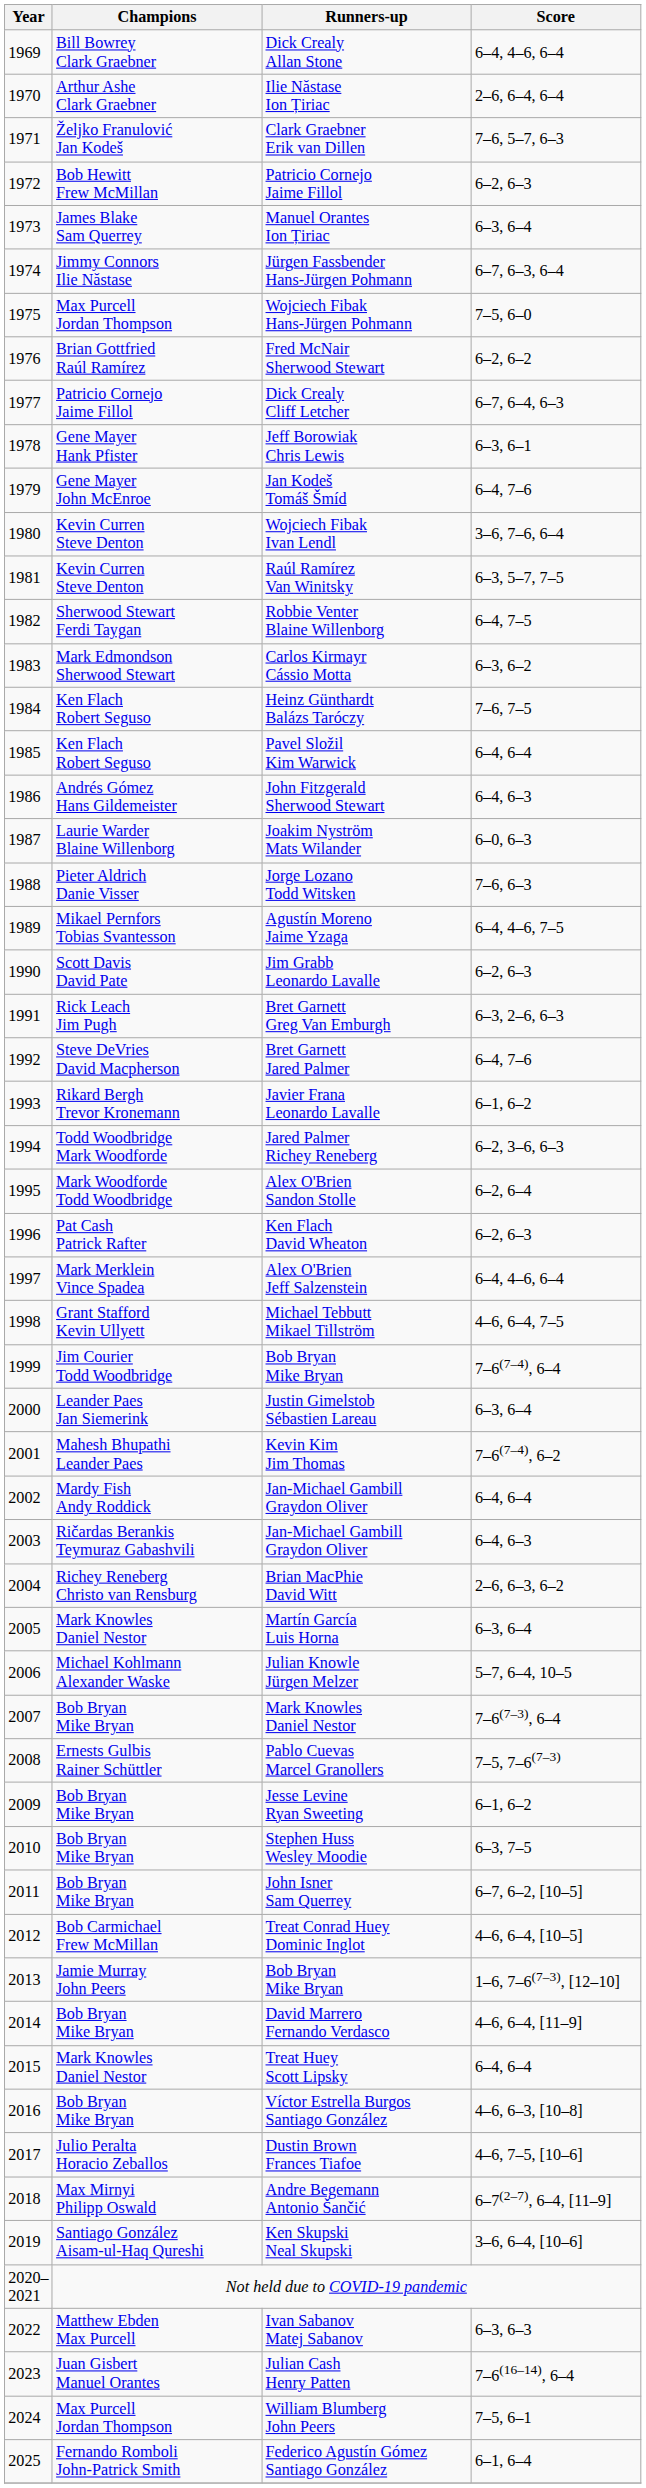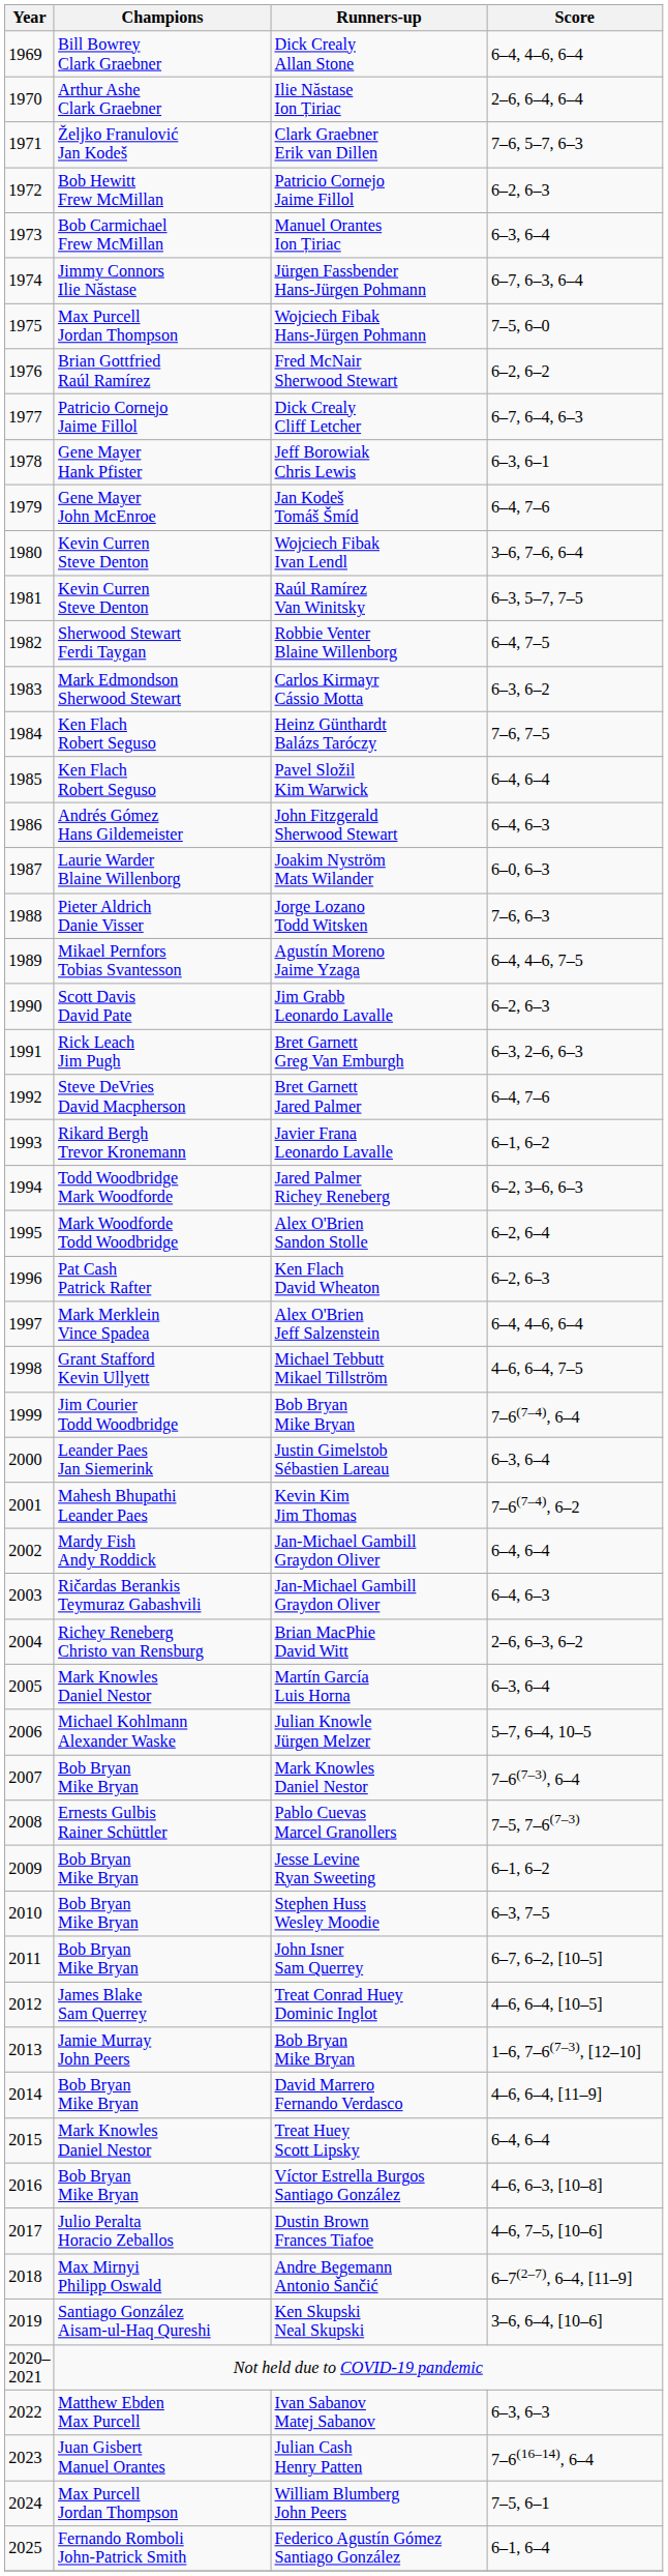 <table class="wikitable">
 <tr>
 <th style="width:40px">Year</th>
 <th style="width:200px">Champions</th>
 <th style="width:200px">Runners-up</th>
 <th style="width:160px" class="unsortable">Score</th>
 </tr>
 <tr>
 <td>1969</td>
 <td> <a href='#'>Bill Bowrey</a> <br>  <a href='#'>Clark Graebner</a></td>
 <td> <a href='#'>Dick Crealy</a> <br>  <a href='#'>Allan Stone</a></td>
 <td>6–4, 4–6, 6–4</td>
 </tr>
 <tr>
 <td>1970</td>
 <td> <a href='#'>Arthur Ashe</a> <br>  <a href='#'>Clark Graebner</a></td>
 <td> <a href='#'>Ilie Năstase</a> <br>  <a href='#'>Ion Țiriac</a></td>
 <td>2–6, 6–4, 6–4</td>
 </tr>
 <tr>
 <td>1971</td>
 <td> <a href='#'>Željko Franulović</a> <br>  <a href='#'>Jan Kodeš</a></td>
 <td> <a href='#'>Clark Graebner</a> <br>  <a href='#'>Erik van Dillen</a></td>
 <td>7–6, 5–7, 6–3</td>
 </tr>
 <tr>
 <td>1972</td>
 <td> <a href='#'>Bob Hewitt</a> <br>  <a href='#'>Frew McMillan</a></td>
 <td> <a href='#'>Patricio Cornejo</a> <br>  <a href='#'>Jaime Fillol</a></td>
 <td>6–2, 6–3</td>
 </tr>
 <tr>
 <td>1973</td>
-<td> <a href='#'>James Blake</a> <br>  <a href='#'>Sam Querrey</a></td>
+<td> <a href='#'>Bob Carmichael</a> <br>  <a href='#'>Frew McMillan</a></td>
 <td> <a href='#'>Manuel Orantes</a> <br>  <a href='#'>Ion Țiriac</a></td>
 <td>6–3, 6–4</td>
 </tr>
 <tr>
 <td>1974</td>
 <td> <a href='#'>Jimmy Connors</a> <br>  <a href='#'>Ilie Năstase</a></td>
 <td> <a href='#'>Jürgen Fassbender</a> <br>  <a href='#'>Hans-Jürgen Pohmann</a></td>
 <td>6–7, 6–3, 6–4</td>
 </tr>
 <tr>
 <td>1975</td>
 <td> <a href='#'>Max Purcell</a>  <br>  <a href='#'>Jordan Thompson</a></td>
 <td> <a href='#'>Wojciech Fibak</a> <br>  <a href='#'>Hans-Jürgen Pohmann</a></td>
 <td>7–5, 6–0</td>
 </tr>
 <tr>
 <td>1976</td>
 <td> <a href='#'>Brian Gottfried</a> <br>  <a href='#'>Raúl Ramírez</a></td>
 <td> <a href='#'>Fred McNair</a> <br>  <a href='#'>Sherwood Stewart</a></td>
 <td>6–2, 6–2</td>
 </tr>
 <tr>
 <td>1977</td>
 <td> <a href='#'>Patricio Cornejo</a> <br>  <a href='#'>Jaime Fillol</a></td>
 <td> <a href='#'>Dick Crealy</a> <br>  <a href='#'>Cliff Letcher</a></td>
 <td>6–7, 6–4, 6–3</td>
 </tr>
 <tr>
 <td>1978</td>
 <td> <a href='#'>Gene Mayer</a> <br>  <a href='#'>Hank Pfister</a></td>
 <td> <a href='#'>Jeff Borowiak</a> <br>  <a href='#'>Chris Lewis</a></td>
 <td>6–3, 6–1</td>
 </tr>
 <tr>
 <td>1979</td>
 <td> <a href='#'>Gene Mayer</a> <br>  <a href='#'>John McEnroe</a></td>
 <td> <a href='#'>Jan Kodeš</a> <br>  <a href='#'>Tomáš Šmíd</a></td>
 <td>6–4, 7–6</td>
 </tr>
 <tr>
 <td>1980</td>
 <td> <a href='#'>Kevin Curren</a> <br>  <a href='#'>Steve Denton</a></td>
 <td> <a href='#'>Wojciech Fibak</a> <br>  <a href='#'>Ivan Lendl</a></td>
 <td>3–6, 7–6, 6–4</td>
 </tr>
 <tr>
 <td>1981</td>
 <td> <a href='#'>Kevin Curren</a> <br>  <a href='#'>Steve Denton</a></td>
 <td> <a href='#'>Raúl Ramírez</a> <br>  <a href='#'>Van Winitsky</a></td>
 <td>6–3, 5–7, 7–5</td>
 </tr>
 <tr>
 <td>1982</td>
 <td> <a href='#'>Sherwood Stewart</a> <br>  <a href='#'>Ferdi Taygan</a></td>
 <td> <a href='#'>Robbie Venter</a> <br>  <a href='#'>Blaine Willenborg</a></td>
 <td>6–4, 7–5</td>
 </tr>
 <tr>
 <td>1983</td>
 <td> <a href='#'>Mark Edmondson</a> <br>  <a href='#'>Sherwood Stewart</a></td>
 <td> <a href='#'>Carlos Kirmayr</a> <br>  <a href='#'>Cássio Motta</a></td>
 <td>6–3, 6–2</td>
 </tr>
 <tr>
 <td>1984</td>
 <td> <a href='#'>Ken Flach</a> <br>  <a href='#'>Robert Seguso</a></td>
 <td> <a href='#'>Heinz Günthardt</a> <br>  <a href='#'>Balázs Taróczy</a></td>
 <td>7–6, 7–5</td>
 </tr>
 <tr>
 <td>1985</td>
 <td> <a href='#'>Ken Flach</a> <br>  <a href='#'>Robert Seguso</a></td>
 <td> <a href='#'>Pavel Složil</a> <br>  <a href='#'>Kim Warwick</a></td>
 <td>6–4, 6–4</td>
 </tr>
 <tr>
 <td>1986</td>
 <td> <a href='#'>Andrés Gómez</a> <br>  <a href='#'>Hans Gildemeister</a></td>
 <td> <a href='#'>John Fitzgerald</a> <br>  <a href='#'>Sherwood Stewart</a></td>
 <td>6–4, 6–3</td>
 </tr>
 <tr>
 <td>1987</td>
 <td> <a href='#'>Laurie Warder</a> <br>  <a href='#'>Blaine Willenborg</a></td>
 <td> <a href='#'>Joakim Nyström</a> <br>  <a href='#'>Mats Wilander</a></td>
 <td>6–0, 6–3</td>
 </tr>
 <tr>
 <td>1988</td>
 <td> <a href='#'>Pieter Aldrich</a> <br>  <a href='#'>Danie Visser</a></td>
 <td> <a href='#'>Jorge Lozano</a> <br>  <a href='#'>Todd Witsken</a></td>
 <td>7–6, 6–3</td>
 </tr>
 <tr>
 <td>1989</td>
 <td> <a href='#'>Mikael Pernfors</a> <br>  <a href='#'>Tobias Svantesson</a></td>
 <td> <a href='#'>Agustín Moreno</a> <br>  <a href='#'>Jaime Yzaga</a></td>
 <td>6–4, 4–6, 7–5</td>
 </tr>
 <tr>
 <td>1990</td>
 <td> <a href='#'>Scott Davis</a> <br>  <a href='#'>David Pate</a></td>
 <td> <a href='#'>Jim Grabb</a> <br>  <a href='#'>Leonardo Lavalle</a></td>
 <td>6–2, 6–3</td>
 </tr>
 <tr>
 <td>1991</td>
 <td> <a href='#'>Rick Leach</a> <br>  <a href='#'>Jim Pugh</a></td>
 <td> <a href='#'>Bret Garnett</a> <br>  <a href='#'>Greg Van Emburgh</a></td>
 <td>6–3, 2–6, 6–3</td>
 </tr>
 <tr>
 <td>1992</td>
 <td> <a href='#'>Steve DeVries</a> <br>  <a href='#'>David Macpherson</a></td>
 <td> <a href='#'>Bret Garnett</a> <br>  <a href='#'>Jared Palmer</a></td>
 <td>6–4, 7–6</td>
 </tr>
 <tr>
 <td>1993</td>
 <td> <a href='#'>Rikard Bergh</a> <br>  <a href='#'>Trevor Kronemann</a></td>
 <td> <a href='#'>Javier Frana</a> <br>  <a href='#'>Leonardo Lavalle</a></td>
 <td>6–1, 6–2</td>
 </tr>
 <tr>
 <td>1994</td>
 <td> <a href='#'>Todd Woodbridge</a> <br>  <a href='#'>Mark Woodforde</a></td>
 <td> <a href='#'>Jared Palmer</a> <br>  <a href='#'>Richey Reneberg</a></td>
 <td>6–2, 3–6, 6–3</td>
 </tr>
 <tr>
 <td>1995</td>
 <td> <a href='#'>Mark Woodforde</a> <br>  <a href='#'>Todd Woodbridge</a></td>
 <td> <a href='#'>Alex O'Brien</a> <br>  <a href='#'>Sandon Stolle</a></td>
 <td>6–2, 6–4</td>
 </tr>
 <tr>
 <td>1996</td>
 <td> <a href='#'>Pat Cash</a> <br>  <a href='#'>Patrick Rafter</a></td>
 <td> <a href='#'>Ken Flach</a> <br>  <a href='#'>David Wheaton</a></td>
 <td>6–2, 6–3</td>
 </tr>
 <tr>
 <td>1997</td>
 <td> <a href='#'>Mark Merklein</a> <br>  <a href='#'>Vince Spadea</a></td>
 <td> <a href='#'>Alex O'Brien</a> <br>  <a href='#'>Jeff Salzenstein</a></td>
 <td>6–4, 4–6, 6–4</td>
 </tr>
 <tr>
 <td>1998</td>
 <td> <a href='#'>Grant Stafford</a> <br>  <a href='#'>Kevin Ullyett</a></td>
 <td> <a href='#'>Michael Tebbutt</a> <br>  <a href='#'>Mikael Tillström</a></td>
 <td>4–6, 6–4, 7–5</td>
 </tr>
 <tr>
 <td>1999</td>
 <td> <a href='#'>Jim Courier</a> <br>  <a href='#'>Todd Woodbridge</a></td>
 <td> <a href='#'>Bob Bryan</a> <br>  <a href='#'>Mike Bryan</a></td>
 <td>7–6<sup>(7–4)</sup>, 6–4</td>
 </tr>
 <tr>
 <td>2000</td>
 <td> <a href='#'>Leander Paes</a> <br>  <a href='#'>Jan Siemerink</a></td>
 <td> <a href='#'>Justin Gimelstob</a> <br>  <a href='#'>Sébastien Lareau</a></td>
 <td>6–3, 6–4</td>
 </tr>
 <tr>
 <td>2001</td>
 <td> <a href='#'>Mahesh Bhupathi</a> <br>  <a href='#'>Leander Paes</a></td>
 <td> <a href='#'>Kevin Kim</a> <br>  <a href='#'>Jim Thomas</a></td>
 <td>7–6<sup>(7–4)</sup>, 6–2</td>
 </tr>
 <tr>
 <td>2002</td>
 <td> <a href='#'>Mardy Fish</a> <br>  <a href='#'>Andy Roddick</a></td>
 <td> <a href='#'>Jan-Michael Gambill</a> <br>  <a href='#'>Graydon Oliver</a></td>
 <td>6–4, 6–4</td>
 </tr>
 <tr>
 <td>2003</td>
 <td> <a href='#'>Ričardas Berankis</a> <br>  <a href='#'>Teymuraz Gabashvili</a></td>
 <td> <a href='#'>Jan-Michael Gambill</a> <br>  <a href='#'>Graydon Oliver</a></td>
 <td>6–4, 6–3</td>
 </tr>
 <tr>
 <td>2004</td>
 <td> <a href='#'>Richey Reneberg</a> <br>  <a href='#'>Christo van Rensburg</a></td>
 <td> <a href='#'>Brian MacPhie</a> <br>  <a href='#'>David Witt</a></td>
 <td>2–6, 6–3, 6–2</td>
 </tr>
 <tr>
 <td>2005</td>
 <td> <a href='#'>Mark Knowles</a> <br>  <a href='#'>Daniel Nestor</a></td>
 <td> <a href='#'>Martín García</a> <br>  <a href='#'>Luis Horna</a></td>
 <td>6–3, 6–4</td>
 </tr>
 <tr>
 <td>2006</td>
 <td> <a href='#'>Michael Kohlmann</a> <br>  <a href='#'>Alexander Waske</a></td>
 <td> <a href='#'>Julian Knowle</a> <br>  <a href='#'>Jürgen Melzer</a></td>
 <td>5–7, 6–4, 10–5</td>
 </tr>
 <tr>
 <td>2007</td>
 <td> <a href='#'>Bob Bryan</a> <br>  <a href='#'>Mike Bryan</a></td>
 <td> <a href='#'>Mark Knowles</a> <br>  <a href='#'>Daniel Nestor</a></td>
 <td>7–6<sup>(7–3)</sup>, 6–4</td>
 </tr>
 <tr>
 <td>2008</td>
 <td> <a href='#'>Ernests Gulbis</a> <br>  <a href='#'>Rainer Schüttler</a></td>
 <td> <a href='#'>Pablo Cuevas</a> <br>  <a href='#'>Marcel Granollers</a></td>
 <td>7–5, 7–6<sup>(7–3)</sup></td>
 </tr>
 <tr>
 <td>2009</td>
 <td> <a href='#'>Bob Bryan</a> <br>  <a href='#'>Mike Bryan</a></td>
 <td> <a href='#'>Jesse Levine</a> <br>  <a href='#'>Ryan Sweeting</a></td>
 <td>6–1, 6–2</td>
 </tr>
 <tr>
 <td>2010</td>
 <td> <a href='#'>Bob Bryan</a> <br>  <a href='#'>Mike Bryan</a></td>
 <td> <a href='#'>Stephen Huss</a> <br>  <a href='#'>Wesley Moodie</a></td>
 <td>6–3, 7–5</td>
 </tr>
 <tr>
 <td>2011</td>
 <td> <a href='#'>Bob Bryan</a> <br>  <a href='#'>Mike Bryan</a></td>
 <td> <a href='#'>John Isner</a> <br>  <a href='#'>Sam Querrey</a></td>
 <td>6–7, 6–2, [10–5]</td>
 </tr>
 <tr>
 <td>2012</td>
-<td> <a href='#'>Bob Carmichael</a> <br>  <a href='#'>Frew McMillan</a></td>
+<td> <a href='#'>James Blake</a> <br>  <a href='#'>Sam Querrey</a></td>
 <td> <a href='#'>Treat Conrad Huey</a> <br>  <a href='#'>Dominic Inglot</a></td>
 <td>4–6, 6–4, [10–5]</td>
 </tr>
 <tr>
 <td>2013</td>
 <td> <a href='#'>Jamie Murray</a> <br>  <a href='#'>John Peers</a></td>
 <td> <a href='#'>Bob Bryan</a> <br>  <a href='#'>Mike Bryan</a></td>
 <td>1–6, 7–6<sup>(7–3)</sup>, [12–10]</td>
 </tr>
 <tr>
 <td>2014</td>
 <td> <a href='#'>Bob Bryan</a> <br>  <a href='#'>Mike Bryan</a></td>
 <td> <a href='#'>David Marrero</a> <br>  <a href='#'>Fernando Verdasco</a></td>
 <td>4–6, 6–4, [11–9]</td>
 </tr>
 <tr>
 <td>2015</td>
 <td> <a href='#'>Mark Knowles</a> <br>  <a href='#'>Daniel Nestor</a></td>
 <td> <a href='#'>Treat Huey</a> <br>  <a href='#'>Scott Lipsky</a></td>
 <td>6–4, 6–4</td>
 </tr>
 <tr>
 <td>2016</td>
 <td> <a href='#'>Bob Bryan</a> <br>  <a href='#'>Mike Bryan</a></td>
 <td> <a href='#'>Víctor Estrella Burgos</a> <br>  <a href='#'>Santiago González</a></td>
 <td>4–6, 6–3, [10–8]</td>
 </tr>
 <tr>
 <td>2017</td>
 <td> <a href='#'>Julio Peralta</a><br> <a href='#'>Horacio Zeballos</a></td>
 <td> <a href='#'>Dustin Brown</a><br> <a href='#'>Frances Tiafoe</a></td>
 <td>4–6, 7–5, [10–6]</td>
 </tr>
 <tr>
 <td>2018</td>
 <td> <a href='#'>Max Mirnyi</a> <br> <a href='#'>Philipp Oswald</a></td>
 <td> <a href='#'>Andre Begemann</a> <br>  <a href='#'>Antonio Šančić</a></td>
 <td>6–7<sup>(2–7)</sup>, 6–4, [11–9]</td>
 </tr>
 <tr>
 <td>2019</td>
 <td> <a href='#'>Santiago González</a> <br> <a href='#'>Aisam-ul-Haq Qureshi</a></td>
 <td> <a href='#'>Ken Skupski</a> <br>  <a href='#'>Neal Skupski</a></td>
 <td>3–6, 6–4, [10–6]</td>
 </tr>
 <tr>
 <td style=background:>2020–2021</td>
 <td colspan=4 align=center style=background:><em>Not held due to <a href='#'>COVID-19 pandemic</a></em></td>
 </tr>
 <tr>
 <td>2022</td>
 <td> <a href='#'>Matthew Ebden</a>  <br>  <a href='#'>Max Purcell</a></td>
 <td> <a href='#'>Ivan Sabanov</a>  <br>  <a href='#'>Matej Sabanov</a></td>
 <td>6–3, 6–3</td>
 </tr>
 <tr>
 <td>2023</td>
 <td> <a href='#'>Juan Gisbert</a> <br>  <a href='#'>Manuel Orantes</a></td>
 <td> <a href='#'>Julian Cash</a>  <br>  <a href='#'>Henry Patten</a></td>
 <td>7–6<sup>(16–14)</sup>, 6–4</td>
 </tr>
 <tr>
 <td>2024</td>
 <td> <a href='#'>Max Purcell</a>  <br>  <a href='#'>Jordan Thompson</a></td>
 <td> <a href='#'>William Blumberg</a>  <br>  <a href='#'>John Peers</a></td>
 <td>7–5, 6–1</td>
 </tr>
 <tr>
 <td>2025</td>
 <td> <a href='#'>Fernando Romboli</a>  <br>  <a href='#'>John-Patrick Smith</a></td>
 <td> <a href='#'>Federico Agustín Gómez</a>  <br>  <a href='#'>Santiago González</a></td>
 <td>6–1, 6–4</td>
 </tr>
 <tr>
 </tr>
 </table>
